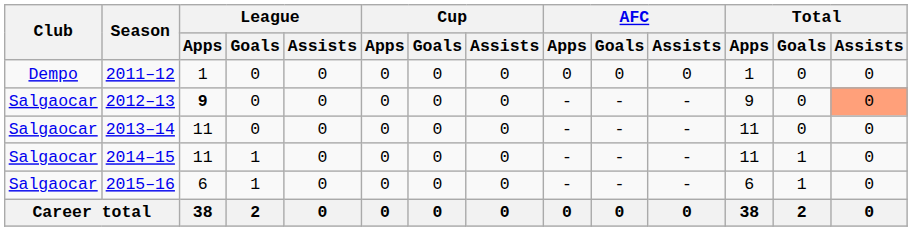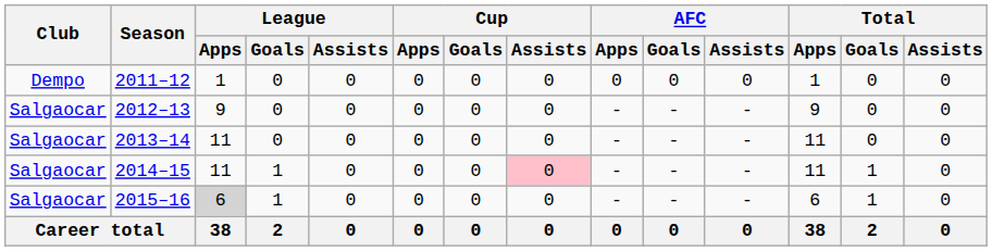 <table class="wikitable" style="font-size:90%; text-align:center;">
 <tr>
 <th rowspan="2">Club</th>
 <th rowspan="2">Season</th>
 <th colspan="3">League</th>
 <th colspan="3">Cup</th>
 <th colspan="3"><a href='#'>AFC</a></th>
 <th colspan="3">Total</th>
 </tr>
 <tr>
 <th>Apps</th>
 <th>Goals</th>
 <th>Assists</th>
 <th>Apps</th>
 <th>Goals</th>
 <th>Assists</th>
 <th>Apps</th>
 <th>Goals</th>
 <th>Assists</th>
 <th>Apps</th>
 <th>Goals</th>
 <th>Assists</th>
 </tr>
 <tr>
 <td rowspan="1"><a href='#'>Dempo</a></td>
 <td><a href='#'>2011–12</a></td>
 <td>1</td>
 <td>0</td>
 <td>0</td>
 <td>0</td>
 <td>0</td>
 <td>0</td>
 <td>0</td>
 <td>0</td>
 <td>0</td>
 <td>1</td>
 <td>0</td>
 <td>0</td>
 </tr>
 <tr>
 <td><a href='#'>Salgaocar</a></td>
 <td><a href='#'>2012–13</a></td>
-<td><strong>9</strong></td>
+<td>9</td>
 <td>0</td>
 <td>0</td>
 <td>0</td>
 <td>0</td>
 <td>0</td>
 <td>-</td>
 <td>-</td>
 <td>-</td>
 <td>9</td>
 <td>0</td>
-<td style="background: lightsalmon;">0</td>
+<td>0</td>
 </tr>
 <tr>
 <td><a href='#'>Salgaocar</a></td>
 <td><a href='#'>2013–14</a></td>
 <td>11</td>
 <td>0</td>
 <td>0</td>
 <td>0</td>
 <td>0</td>
 <td>0</td>
 <td>-</td>
 <td>-</td>
 <td>-</td>
 <td>11</td>
 <td>0</td>
 <td>0</td>
 </tr>
 <tr>
 <td><a href='#'>Salgaocar</a></td>
 <td><a href='#'>2014–15</a></td>
 <td>11</td>
 <td>1</td>
 <td>0</td>
 <td>0</td>
 <td>0</td>
-<td>0</td>
+<td style="background: pink;">0</td>
 <td>-</td>
 <td>-</td>
 <td>-</td>
 <td>11</td>
 <td>1</td>
 <td>0</td>
 </tr>
 <tr>
 <td><a href='#'>Salgaocar</a></td>
 <td><a href='#'>2015–16</a></td>
-<td>6</td>
+<td style="background: lightgrey;">6</td>
 <td>1</td>
 <td>0</td>
 <td>0</td>
 <td>0</td>
 <td>0</td>
 <td>-</td>
 <td>-</td>
 <td>-</td>
 <td>6</td>
 <td>1</td>
 <td>0</td>
 </tr>
 <tr>
 <th colspan="2">Career total</th>
 <th>38</th>
 <th>2</th>
 <th>0</th>
 <th>0</th>
 <th>0</th>
 <th>0</th>
 <th>0</th>
 <th>0</th>
 <th>0</th>
 <th>38</th>
 <th>2</th>
 <th>0</th>
 </tr>
 </table>
